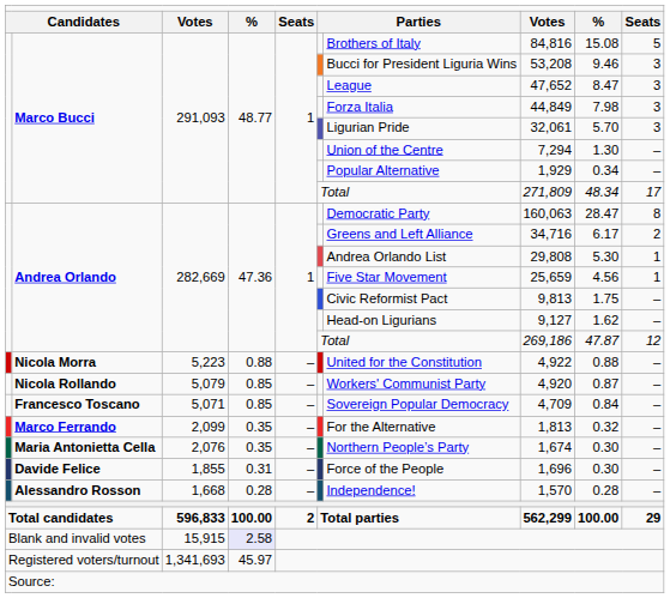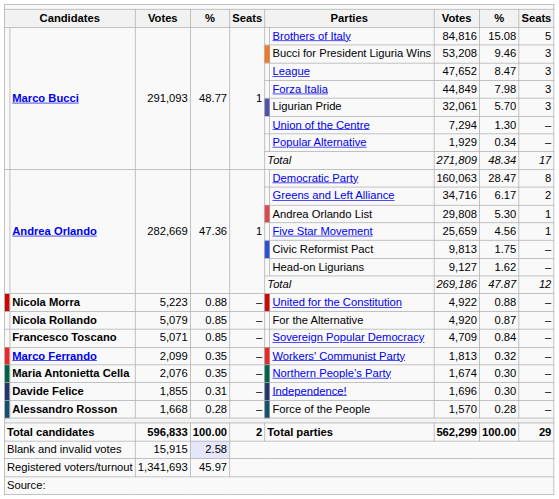 <table class="wikitable">
 <tr>
 <td colspan="10" style="text-align:center"></td>
 </tr>
 <tr>
 <th colspan="2">Candidates</th>
 <th>Votes</th>
 <th>%</th>
 <th>Seats</th>
 <th colspan="2">Parties</th>
 <th>Votes</th>
 <th>%</th>
 <th>Seats</th>
 </tr>
 <tr>
 <td rowspan="8"></td>
 <td rowspan="8"><strong><a href='#'>Marco Bucci</a></strong></td>
 <td rowspan="8" align="right">291,093</td>
 <td rowspan="8" align="right">48.77</td>
 <td rowspan="8" align="right">1</td>
 <td></td>
 <td><a href='#'>Brothers of Italy</a></td>
 <td align="right">84,816</td>
 <td align="right">15.08</td>
 <td align="right">5</td>
 </tr>
 <tr>
 <td bgcolor="#f47721"></td>
 <td>Bucci for President Liguria Wins</td>
 <td align="right">53,208</td>
 <td align="right">9.46</td>
 <td align="right">3</td>
 </tr>
 <tr>
 <td></td>
 <td><a href='#'>League</a></td>
 <td align="right">47,652</td>
 <td align="right">8.47</td>
 <td align="right">3</td>
 </tr>
 <tr>
 <td></td>
 <td><a href='#'>Forza Italia</a></td>
 <td align="right">44,849</td>
 <td align="right">7.98</td>
 <td align="right">3</td>
 </tr>
 <tr>
 <td bgcolor="#4e52ae"></td>
 <td>Ligurian Pride</td>
 <td align="right">32,061</td>
 <td align="right">5.70</td>
 <td align="right">3</td>
 </tr>
 <tr>
 <td></td>
 <td><a href='#'>Union of the Centre</a></td>
 <td align="right">7,294</td>
 <td align="right">1.30</td>
 <td align="right">–</td>
 </tr>
 <tr>
 <td></td>
 <td><a href='#'>Popular Alternative</a></td>
 <td align="right">1,929</td>
 <td align="right">0.34</td>
 <td align="right">–</td>
 </tr>
 <tr>
 <td colspan="2"><em>Total</em></td>
 <td align="right"><em>271,809</em></td>
 <td align="right"><em>48.34</em></td>
 <td align="right"><em>17</em></td>
 </tr>
 <tr>
 <td rowspan="7"></td>
 <td rowspan="7"><strong><a href='#'>Andrea Orlando</a></strong></td>
 <td rowspan="7" align="right">282,669</td>
 <td rowspan="7" align="right">47.36</td>
 <td rowspan="7" align="right">1</td>
 <td></td>
 <td><a href='#'>Democratic Party</a></td>
 <td align="right">160,063</td>
 <td align="right">28.47</td>
 <td align="right">8</td>
 </tr>
 <tr>
 <td></td>
 <td><a href='#'>Greens and Left Alliance</a></td>
 <td align="right">34,716</td>
 <td align="right">6.17</td>
 <td align="right">2</td>
 </tr>
 <tr>
 <td bgcolor="#e2464d"></td>
 <td>Andrea Orlando List</td>
 <td align="right">29,808</td>
 <td align="right">5.30</td>
 <td align="right">1</td>
 </tr>
 <tr>
 <td></td>
 <td><a href='#'>Five Star Movement</a></td>
 <td align="right">25,659</td>
 <td align="right">4.56</td>
 <td align="right">1</td>
 </tr>
 <tr>
 <td bgcolor="#2b4ed7"></td>
 <td>Civic Reformist Pact</td>
 <td align="right">9,813</td>
 <td align="right">1.75</td>
 <td align="right">–</td>
 </tr>
 <tr>
 <td></td>
 <td>Head-on Ligurians</td>
 <td align="right">9,127</td>
 <td align="right">1.62</td>
 <td align="right">–</td>
 </tr>
 <tr>
 <td colspan="2"><em>Total</em></td>
 <td align="right"><em>269,186</em></td>
 <td align="right"><em>47.87</em></td>
 <td align="right"><em>12</em></td>
 </tr>
 <tr>
 <td style="background-color:#CF0404"></td>
 <td><strong>Nicola Morra</strong></td>
 <td align=right>5,223</td>
 <td align=right>0.88</td>
 <td align=right>–</td>
 <td style="background-color:#CF0404"></td>
 <td><a href='#'>United for the Constitution</a></td>
 <td align=right>4,922</td>
 <td align=right>0.88</td>
 <td align=right>–</td>
 </tr>
 <tr>
 <td style="background-color:"></td>
 <td><strong>Nicola Rollando</strong></td>
 <td align=right>5,079</td>
 <td align=right>0.85</td>
 <td align=right>–</td>
 <td style="background-color:"></td>
-<td><a href='#'>Workers' Communist Party</a></td>
+<td>For the Alternative</td>
 <td align=right>4,920</td>
 <td align=right>0.87</td>
 <td align=right>–</td>
 </tr>
 <tr>
 <td style="background-color:"></td>
 <td><strong>Francesco Toscano</strong></td>
 <td align=right>5,071</td>
 <td align=right>0.85</td>
 <td align=right>–</td>
 <td style="background-color:"></td>
 <td><a href='#'>Sovereign Popular Democracy</a></td>
 <td align=right>4,709</td>
 <td align=right>0.84</td>
 <td align=right>–</td>
 </tr>
 <tr>
 <td style="background-color:#ef2626"></td>
 <td><strong><a href='#'>Marco Ferrando</a></strong></td>
 <td align=right>2,099</td>
 <td align=right>0.35</td>
 <td align=right>–</td>
 <td style="background-color:#ef2626"></td>
-<td>For the Alternative</td>
+<td><a href='#'>Workers' Communist Party</a></td>
 <td align=right>1,813</td>
 <td align=right>0.32</td>
 <td align=right>–</td>
 </tr>
 <tr>
 <td style="background-color:#006248"></td>
 <td><strong>Maria Antonietta Cella</strong></td>
 <td align=right>2,076</td>
 <td align=right>0.35</td>
 <td align=right>–</td>
 <td style="background-color:#006248"></td>
 <td><a href='#'>Northern People’s Party</a></td>
 <td align=right>1,674</td>
 <td align=right>0.30</td>
 <td align=right>–</td>
 </tr>
 <tr>
 <td style="background-color:#23366c"></td>
 <td><strong>Davide Felice</strong></td>
 <td align=right>1,855</td>
 <td align=right>0.31</td>
 <td align=right>–</td>
 <td style="background-color:#23366c"></td>
-<td>Force of the People</td>
+<td><a href='#'>Independence!</a></td>
 <td align=right>1,696</td>
 <td align=right>0.30</td>
 <td align=right>–</td>
 </tr>
 <tr>
 <td style="background-color:#14506e"></td>
 <td><strong>Alessandro Rosson</strong></td>
 <td align=right>1,668</td>
 <td align=right>0.28</td>
 <td align=right>–</td>
 <td style="background-color:#14506e"></td>
-<td><a href='#'>Independence!</a></td>
+<td>Force of the People</td>
 <td align=right>1,570</td>
 <td align=right>0.28</td>
 <td align=right>–</td>
 </tr>
 <tr>
 <th colspan=10></th>
 </tr>
 <tr>
 <td colspan=2><strong>Total candidates</strong></td>
 <td align=right><strong>596,833</strong></td>
 <td align=right><strong>100.00</strong></td>
 <td align=right><strong>2</strong></td>
 <td colspan=2><strong>Total parties</strong></td>
 <td align=right><strong>562,299</strong></td>
 <td align=right><strong>100.00</strong></td>
 <td align=right><strong>29</strong></td>
 </tr>
 <tr>
 <td colspan=2>Blank and invalid votes</td>
 <td align=right>15,915</td>
 <td align=right style="background: lavender;">2.58</td>
 <td colspan=6></td>
 </tr>
 <tr>
 <td colspan=2>Registered voters/turnout</td>
 <td align=right>1,341,693</td>
 <td align=right>45.97</td>
 <td colspan=6></td>
 </tr>
 <tr>
 <td colspan=10>Source: </td>
 </tr>
 </table>
